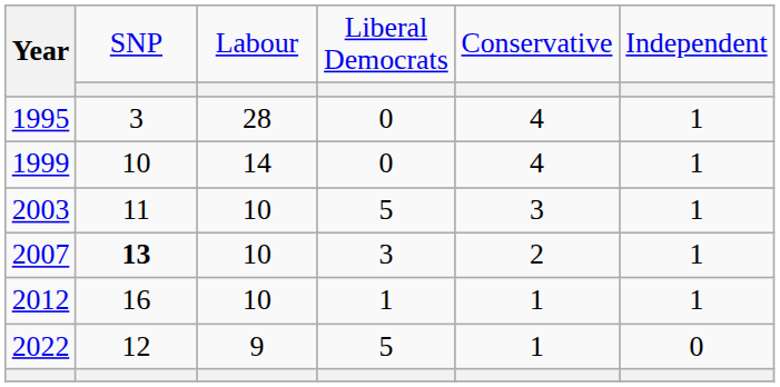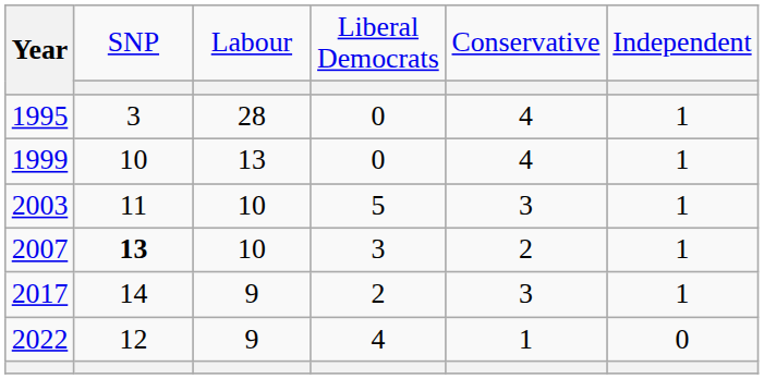 <table class=wikitable style=text-align:center>
 <tr>
 <th rowspan=2>Year</th>
 <td width="60"><a href='#'>SNP</a></td>
 <td width="60"><a href='#'>Labour</a></td>
 <td width="60"><a href='#'>Liberal Democrats</a></td>
 <td width="60"><a href='#'>Conservative</a></td>
 <td width="60"><a href='#'>Independent</a></td>
 </tr>
 <tr>
 <th style="background-color: "></th>
 <th style="background-color: "></th>
 <th style="background-color: "></th>
 <th style="background-color: "></th>
 <th style="background-color: "></th>
 </tr>
 <tr>
 <td><a href='#'>1995</a></td>
 <td>3</td>
 <td>28</td>
 <td>0</td>
 <td>4</td>
 <td>1</td>
 </tr>
 <tr>
 <td><a href='#'>1999</a></td>
 <td>10</td>
-<td>14</td>
+<td>13</td>
 <td>0</td>
 <td>4</td>
 <td>1</td>
 </tr>
 <tr>
 <td><a href='#'>2003</a></td>
 <td>11</td>
 <td>10</td>
 <td>5</td>
 <td>3</td>
 <td>1</td>
 </tr>
 <tr>
 <td><a href='#'>2007</a></td>
 <td><strong>13</strong></td>
 <td>10</td>
 <td>3</td>
 <td>2</td>
 <td>1</td>
 </tr>
 <tr>
-<td><a href='#'>2012</a></td>
-<td>16</td>
-<td>10</td>
-<td>1</td>
-<td>1</td>
+<td><a href='#'>2017</a></td>
+<td>14</td>
+<td>9</td>
+<td>2</td>
+<td>3</td>
 <td>1</td>
 </tr>
 <tr>
 <td><a href='#'>2022</a></td>
 <td>12</td>
 <td>9</td>
-<td>5</td>
+<td>4</td>
 <td>1</td>
 <td>0</td>
 </tr>
 <tr>
 <th></th>
 <th style="background-color: "></th>
 <th style="background-color: "></th>
 <th style="background-color: "></th>
 <th style="background-color: "></th>
 <th style="background-color: "></th>
 </tr>
 </table>
